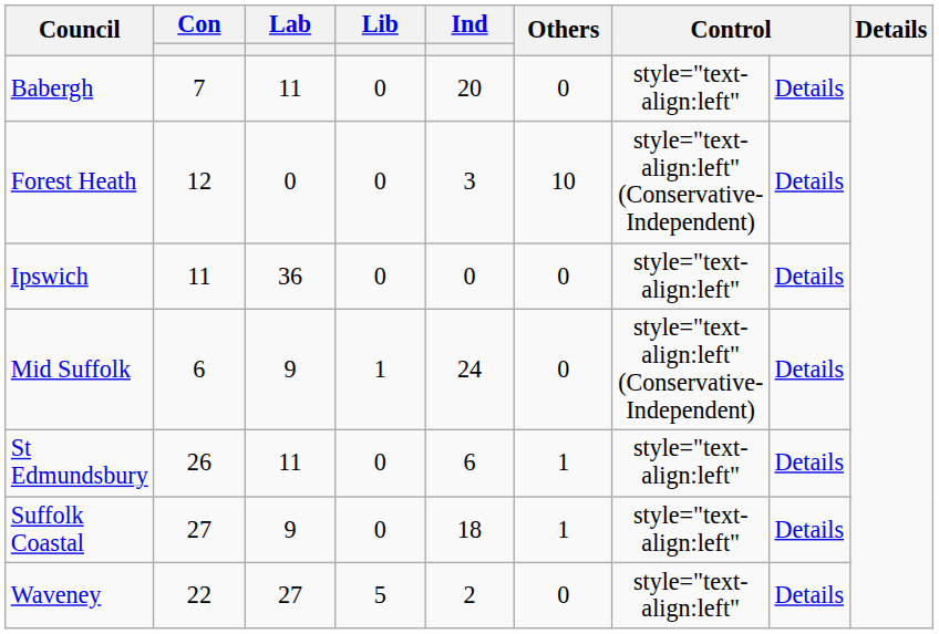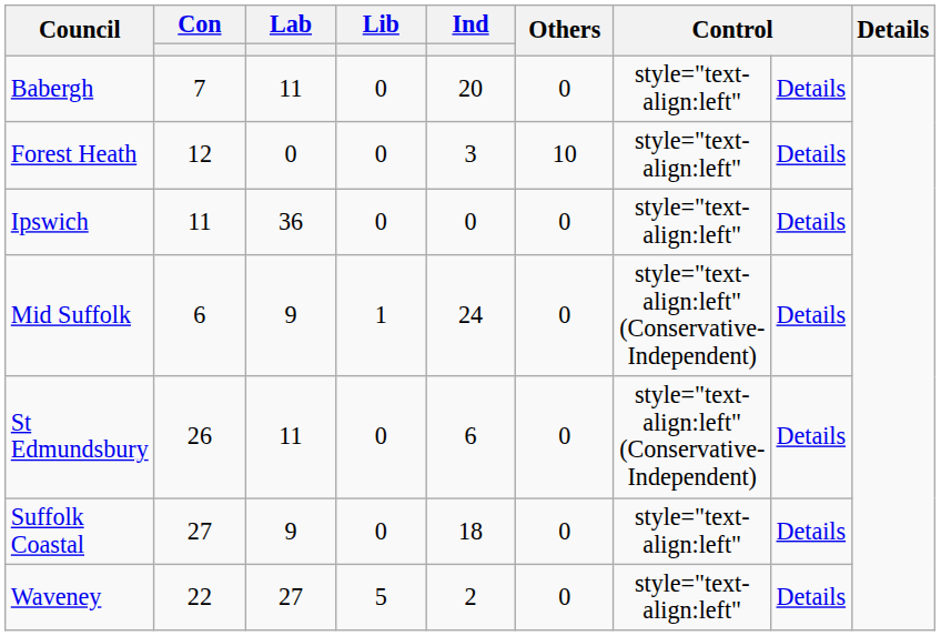 <table class="wikitable" style="text-align:center;">
 <tr>
 <th rowspan=2>Council</th>
 <th style="width:60px;"><a href='#'>Con</a></th>
 <th style="width:60px;"><a href='#'>Lab</a></th>
 <th style="width:60px;"><a href='#'>Lib</a></th>
 <th style="width:60px;"><a href='#'>Ind</a></th>
 <th style="width:60px;" rowspan=2>Others</th>
 <th rowspan=2 colspan=2>Control</th>
 <th rowspan=2>Details</th>
 </tr>
 <tr>
 <th style="background:"></th>
 <th style="background:"></th>
 <th style="background:"></th>
 <th style="background:"></th>
 </tr>
 <tr>
 <td style="text-align:left"><a href='#'>Babergh</a></td>
 <td>7</td>
 <td>11</td>
 <td>0</td>
 <td>20</td>
 <td>0</td>
 <td>style="text-align:left" </td>
 <td style="text-align:left"><a href='#'>Details</a></td>
 </tr>
 <tr>
 <td style="text-align:left"><a href='#'>Forest Heath</a></td>
 <td>12</td>
 <td>0</td>
 <td>0</td>
 <td>3</td>
 <td>10</td>
-<td>style="text-align:left"  (Conservative-Independent)</td>
+<td>style="text-align:left" </td>
 <td style="text-align:left"><a href='#'>Details</a></td>
 </tr>
 <tr>
 <td style="text-align:left"><a href='#'>Ipswich</a></td>
 <td>11</td>
 <td>36</td>
 <td>0</td>
 <td>0</td>
 <td>0</td>
 <td>style="text-align:left" </td>
 <td style="text-align:left"><a href='#'>Details</a></td>
 </tr>
 <tr>
 <td style="text-align:left"><a href='#'>Mid Suffolk</a></td>
 <td>6</td>
 <td>9</td>
 <td>1</td>
 <td>24</td>
 <td>0</td>
 <td>style="text-align:left"  (Conservative-Independent)</td>
 <td style="text-align:left"><a href='#'>Details</a></td>
 </tr>
 <tr>
 <td style="text-align:left"><a href='#'>St Edmundsbury</a></td>
 <td>26</td>
 <td>11</td>
 <td>0</td>
 <td>6</td>
-<td>1</td>
-<td>style="text-align:left" </td>
+<td>0</td>
+<td>style="text-align:left"  (Conservative-Independent)</td>
 <td style="text-align:left"><a href='#'>Details</a></td>
 </tr>
 <tr>
 <td style="text-align:left"><a href='#'>Suffolk Coastal</a></td>
 <td>27</td>
 <td>9</td>
 <td>0</td>
 <td>18</td>
-<td>1</td>
+<td>0</td>
 <td>style="text-align:left" </td>
 <td style="text-align:left"><a href='#'>Details</a></td>
 </tr>
 <tr>
 <td style="text-align:left"><a href='#'>Waveney</a></td>
 <td>22</td>
 <td>27</td>
 <td>5</td>
 <td>2</td>
 <td>0</td>
 <td>style="text-align:left" </td>
 <td style="text-align:left"><a href='#'>Details</a></td>
 </tr>
 </table>
